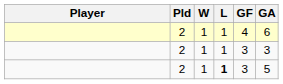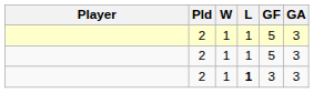 <table class=wikitable style="text-align:center">
 <tr>
 <th width=220>Player</th>
 <th width=20>Pld</th>
 <th width=20>W</th>
 <th width=20>L</th>
 <th width=20>GF</th>
 <th width=20>GA</th>
 </tr>
 <tr bgcolor=#ffffcc>
 <td align=left></td>
 <td>2</td>
 <td>1</td>
 <td>1</td>
-<td>4</td>
-<td>6</td>
+<td>5</td>
+<td>3</td>
 </tr>
 <tr>
 <td align=left></td>
 <td>2</td>
 <td>1</td>
 <td>1</td>
-<td>3</td>
+<td>5</td>
 <td>3</td>
 </tr>
 <tr>
 <td align=left></td>
 <td>2</td>
 <td>1</td>
 <td><strong>1</strong></td>
 <td>3</td>
-<td>5</td>
+<td>3</td>
 </tr>
 </table>
